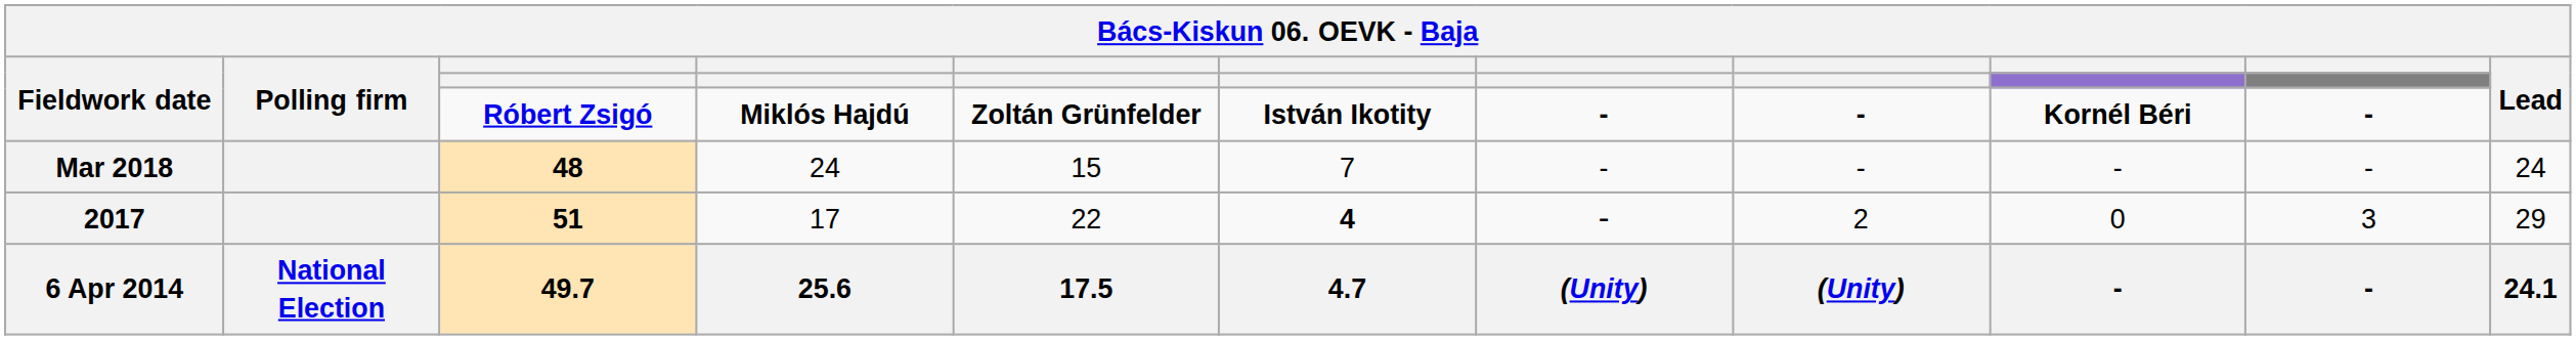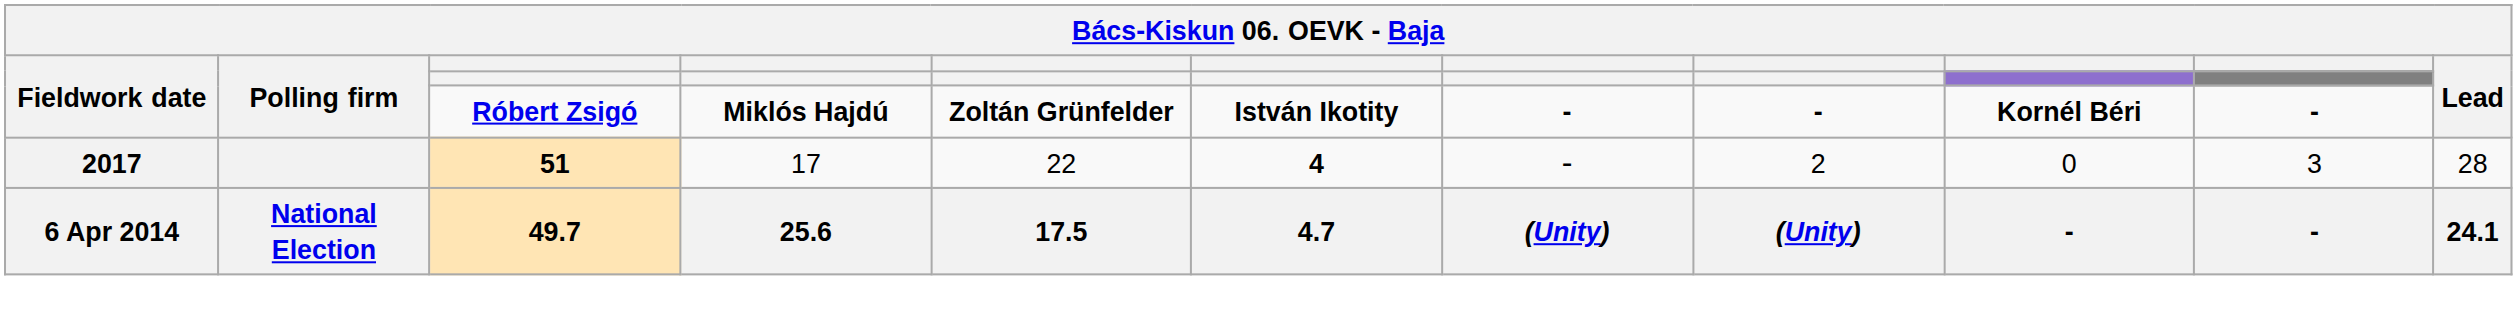 <table class="wikitable mw-collapsible mw-collapsed" style="text-align:center">
 <tr>
 <th colspan="11" style="width: 980pt;"><small><a href='#'>Bács-Kiskun</a> 06.</small> <small>OEVK - <a href='#'>Baja</a></small></th>
 </tr>
 <tr>
 <th rowspan="3" style="width: 80pt;"><small>Fieldwork</small> <small>date</small></th>
 <th rowspan="3" style="width: 80pt;"><strong><small>Polling</small> <small>firm</small></strong></th>
 <th style="width: 100pt;"><small></small></th>
 <th style="width: 100pt;"><small> </small></th>
 <th style="width: 100pt;"></th>
 <th style="width: 100pt;"></th>
 <th style="width: 100pt;"></th>
 <th style="width: 100pt;"></th>
 <th style="width: 100pt;"></th>
 <th style="width: 100pt;"></th>
 <th rowspan="3" style="width: 20pt;"><small>Lead</small></th>
 </tr>
 <tr>
 <th style="color:inherit;background:"></th>
 <th style="color:inherit;background:"></th>
 <th style="color:inherit;background:"></th>
 <th style="color:inherit;background:"></th>
 <th style="color:inherit;background:"></th>
 <th style="color:inherit;background:"></th>
 <th style="color:inherit;background:#8E6FCE;"></th>
 <th style="color:inherit;background:#808080;"></th>
 </tr>
 <tr>
 <td><a href='#'><strong><small>Róbert Zsigó</small></strong></a></td>
 <td><strong><small>Miklós Hajdú</small></strong></td>
 <td><strong><small>Zoltán Grünfelder</small></strong></td>
 <td><strong><small>István Ikotity</small></strong></td>
 <td><strong><small>-</small></strong></td>
 <td><strong><small>-</small></strong></td>
 <td><strong><small>Kornél Béri</small></strong></td>
 <td><strong><small>-</small></strong></td>
 </tr>
 <tr>
-<th><small>Mar 2018</small></th>
-<th><small></small></th>
-<td style="background:#FFE5B4"><strong><small>48</small></strong></td>
-<td><small>24</small></td>
-<td><small>15</small></td>
-<td><small>7</small></td>
-<td><small>-</small></td>
-<td><small>-</small></td>
-<td><small>-</small></td>
-<td><small>-</small></td>
-<td style="background:"><small>24</small></td>
-</tr>
-<tr>
 <th><small>2017</small></th>
 <th><small></small></th>
 <td style="background:#FFE5B4"><strong><small>51</small></strong></td>
 <td><small>17</small></td>
 <td><small>22</small></td>
 <td><strong><small>4</small></strong></td>
 <td>-</td>
 <td><small>2</small></td>
 <td><small>0</small></td>
 <td><small>3</small></td>
-<td style="background:"><small>29</small></td>
+<td style="background:"><small>28</small></td>
 </tr>
 <tr>
 <th><small>6 Apr 2014</small></th>
 <th><a href='#'><small>National Election</small></a></th>
 <th style="background:#FFE5B4"><small>49.7</small></th>
 <th><small>25.6</small></th>
 <th><small>17.5</small></th>
 <th><small>4.7</small></th>
 <th><small><em>(<a href='#'>Unity</a>)</em></small></th>
 <th><small><em>(<a href='#'>Unity</a>)</em></small></th>
 <th><small>-</small></th>
 <th><small>-</small></th>
 <th style="background:"><small>24.1</small></th>
 </tr>
 </table>
